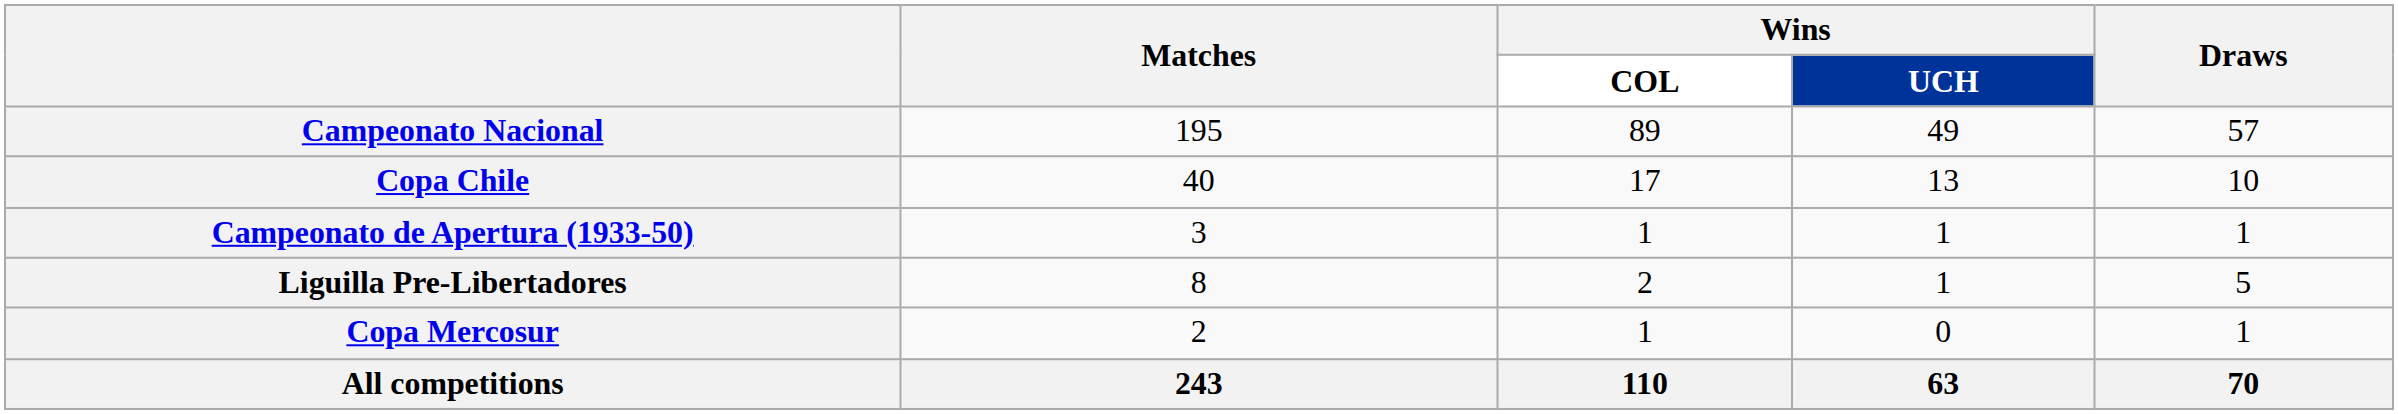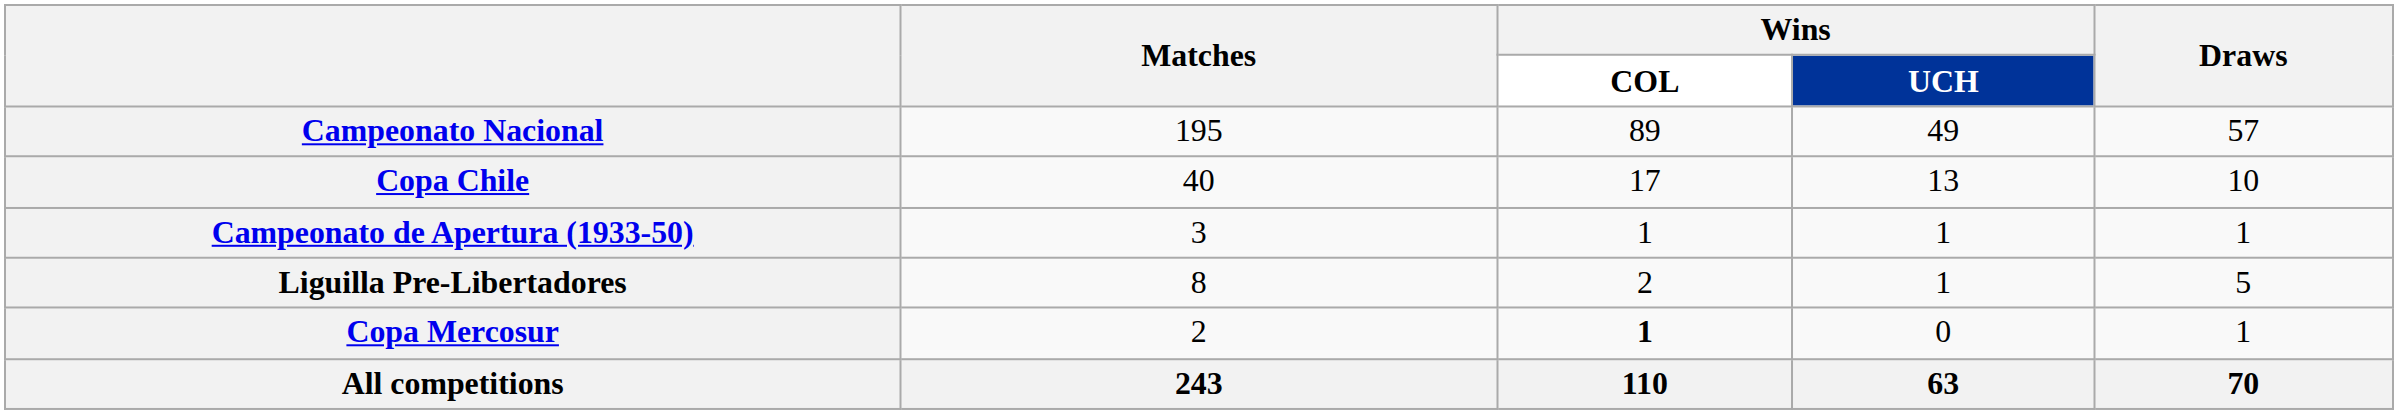 <table class="wikitable sortable" style="text-align:center; width:95%;">
 <tr>
 <th rowspan="2"  style="width:15%;"></th>
 <th rowspan="2"  style="width:10%;">Matches</th>
 <th colspan="2"  style="width:10%;">Wins</th>
 <th rowspan="2"  style="width:5%;">Draws</th>
 </tr>
 <tr>
 <th style="color:#000; background:#fff;">COL</th>
 <th style="color:#fff; background:#003399;">UCH</th>
 </tr>
 <tr>
 <th scope=row><a href='#'>Campeonato Nacional</a></th>
 <td>195</td>
 <td>89</td>
 <td>49</td>
 <td>57</td>
 </tr>
 <tr>
 <th scope=row><a href='#'>Copa Chile</a></th>
 <td>40</td>
 <td>17</td>
 <td>13</td>
 <td>10</td>
 </tr>
 <tr>
 <th scope=row><a href='#'>Campeonato de Apertura (1933-50)</a></th>
 <td>3</td>
 <td>1</td>
 <td>1</td>
 <td>1</td>
 </tr>
 <tr>
 <th scope=row>Liguilla Pre-Libertadores</th>
 <td>8</td>
 <td>2</td>
 <td>1</td>
 <td>5</td>
 </tr>
 <tr>
 <th scope=row><a href='#'>Copa Mercosur</a></th>
 <td>2</td>
-<td>1</td>
+<td><strong>1</strong></td>
 <td>0</td>
 <td>1</td>
 </tr>
 <tr>
 <th scope=row>All competitions</th>
 <th>243</th>
 <th>110</th>
 <th>63</th>
 <th>70</th>
 </tr>
 </table>
